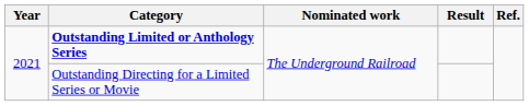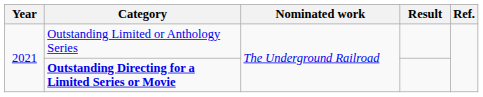 <table class=wikitable>
 <tr>
 <th scope="col" style="width:4em;">Year</th>
 <th scope="col" style="width:32em;">Category</th>
 <th scope="col" style="width:24em;">Nominated work</th>
 <th scope="col" style="width:5em;">Result</th>
 <th>Ref.</th>
 </tr>
 <tr>
 <td style="text-align:center;", rowspan="2"><a href='#'>2021</a></td>
-<td><strong><a href='#'>Outstanding Limited or Anthology Series</a></strong></td>
+<td><a href='#'>Outstanding Limited or Anthology Series</a></td>
 <td rowspan="2"><em><a href='#'>The Underground Railroad</a></em></td>
 <td></td>
 <td rowspan="2"></td>
 </tr>
 <tr>
-<td><a href='#'>Outstanding Directing for a Limited Series or Movie</a></td>
+<td><strong><a href='#'>Outstanding Directing for a Limited Series or Movie</a></strong></td>
 <td></td>
 </tr>
 </table>
